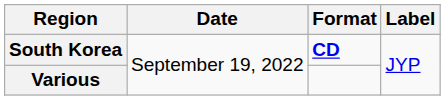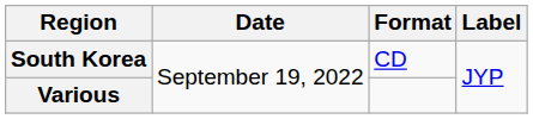 <table class="wikitable plainrowheaders">
 <tr>
 <th scope="col">Region</th>
 <th scope="col">Date</th>
 <th scope="col">Format</th>
 <th scope="col">Label</th>
 </tr>
 <tr>
 <th scope="row">South Korea</th>
 <td rowspan="2">September 19, 2022</td>
-<td><strong><a href='#'>CD</a></strong></td>
+<td><a href='#'>CD</a></td>
 <td rowspan="2"><a href='#'>JYP</a></td>
 </tr>
 <tr>
 <th scope="row">Various</th>
 <td></td>
 </tr>
 </table>
